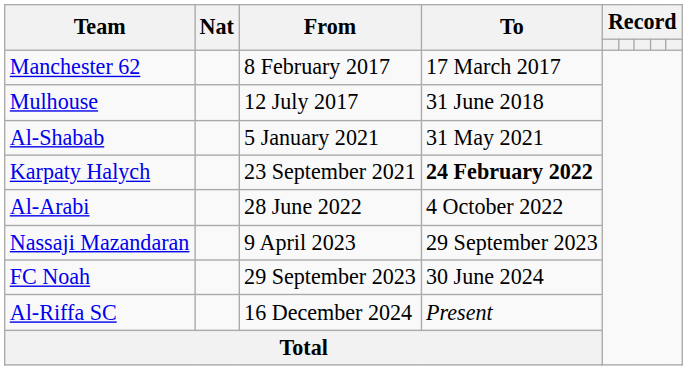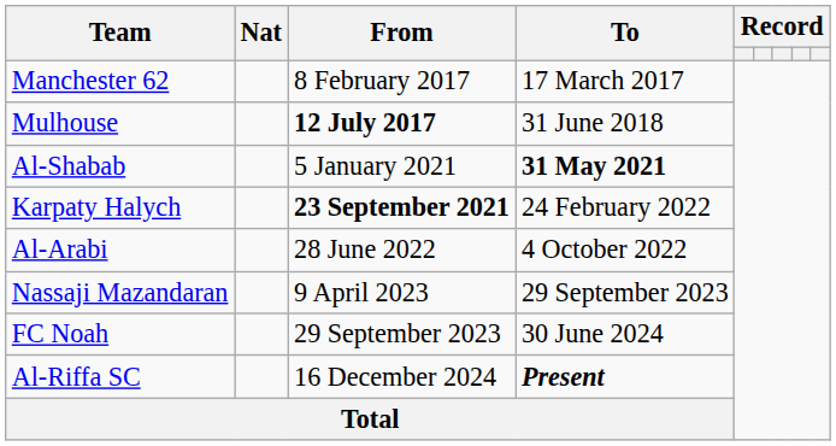 <table class=wikitable style=text-align:center>
 <tr>
 <th rowspan=2>Team</th>
 <th rowspan=2>Nat</th>
 <th rowspan=2>From</th>
 <th rowspan=2>To</th>
 <th colspan=5>Record</th>
 </tr>
 <tr>
 <th></th>
 <th></th>
 <th></th>
 <th></th>
 <th></th>
 </tr>
 <tr>
 <td align=left><a href='#'>Manchester 62</a></td>
 <td align=left></td>
 <td align=left>8 February 2017</td>
 <td align=left>17 March 2017<br></td>
 </tr>
 <tr>
 <td align=left><a href='#'>Mulhouse</a></td>
 <td align=left></td>
-<td align=left>12 July 2017</td>
+<td align=left><strong>12 July 2017</strong></td>
 <td align=left>31 June 2018<br></td>
 </tr>
 <tr>
 <td align=left><a href='#'>Al-Shabab</a></td>
 <td align=left></td>
 <td align=left>5 January 2021</td>
-<td align=left>31 May 2021<br></td>
+<td align=left><strong>31 May 2021<br></strong></td>
 </tr>
 <tr>
 <td align=left><a href='#'>Karpaty Halych</a></td>
 <td align=left></td>
-<td align=left>23 September 2021</td>
-<td align=left><strong>24 February 2022<br></strong></td>
+<td align=left><strong>23 September 2021</strong></td>
+<td align=left>24 February 2022<br></td>
 </tr>
 <tr>
 <td align=left><a href='#'>Al-Arabi</a></td>
 <td align=left></td>
 <td align=left>28 June 2022</td>
 <td align=left>4 October 2022<br></td>
 </tr>
 <tr>
 <td align=left><a href='#'>Nassaji Mazandaran</a></td>
 <td align=left></td>
 <td align=left>9 April 2023</td>
 <td align=left>29 September 2023<br></td>
 </tr>
 <tr>
 <td align=left><a href='#'>FC Noah</a></td>
 <td align=left></td>
 <td align=left>29 September 2023</td>
 <td align=left>30 June 2024<br></td>
 </tr>
 <tr>
 <td align=left><a href='#'>Al-Riffa SC</a></td>
 <td align=left></td>
 <td align=left>16 December 2024</td>
-<td align=left><em>Present</em><br></td>
+<td align=left><strong><em>Present</em><br></strong></td>
 </tr>
 <tr>
 <th colspan=4>Total<br></th>
 </tr>
 </table>
